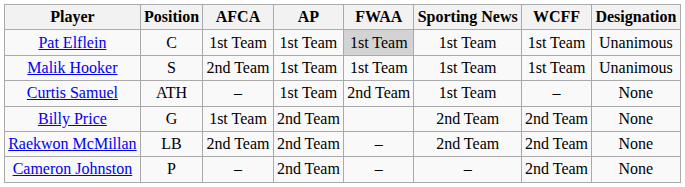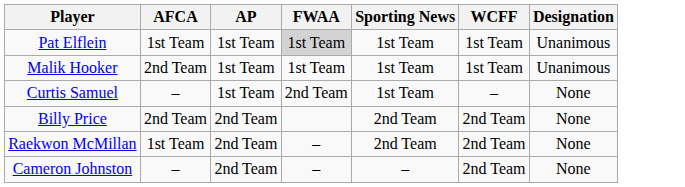 <table class="wikitable sortable sortable" style="text-align: center">
 <tr align=center>
 <th>Player</th>
-<th>Position</th>
 <th>AFCA</th>
 <th>AP</th>
 <th>FWAA</th>
 <th>Sporting News</th>
 <th>WCFF</th>
 <th>Designation</th>
 </tr>
 <tr>
 <td><a href='#'>Pat Elflein</a></td>
-<td>C</td>
 <td>1st Team</td>
 <td>1st Team</td>
 <td style="background: lightgrey;">1st Team</td>
 <td>1st Team</td>
 <td>1st Team</td>
 <td>Unanimous</td>
 </tr>
 <tr>
 <td><a href='#'>Malik Hooker</a></td>
-<td>S</td>
 <td>2nd Team</td>
 <td>1st Team</td>
 <td>1st Team</td>
 <td>1st Team</td>
 <td>1st Team</td>
 <td>Unanimous</td>
 </tr>
 <tr>
 <td><a href='#'>Curtis Samuel</a></td>
-<td>ATH</td>
 <td>–</td>
 <td>1st Team</td>
 <td>2nd Team</td>
 <td>1st Team</td>
 <td>–</td>
 <td>None</td>
 </tr>
 <tr>
 <td><a href='#'>Billy Price</a></td>
-<td>G</td>
-<td>1st Team</td>
+<td>2nd Team</td>
 <td>2nd Team</td>
 <td></td>
 <td>2nd Team</td>
 <td>2nd Team</td>
 <td>None</td>
 </tr>
 <tr>
 <td><a href='#'>Raekwon McMillan</a></td>
-<td>LB</td>
-<td>2nd Team</td>
+<td>1st Team</td>
 <td>2nd Team</td>
 <td>–</td>
 <td>2nd Team</td>
 <td>2nd Team</td>
 <td>None</td>
 </tr>
 <tr>
 <td><a href='#'>Cameron Johnston</a></td>
-<td>P</td>
 <td>–</td>
 <td>2nd Team</td>
 <td>–</td>
 <td>–</td>
 <td>2nd Team</td>
 <td>None</td>
 </tr>
 </table>
